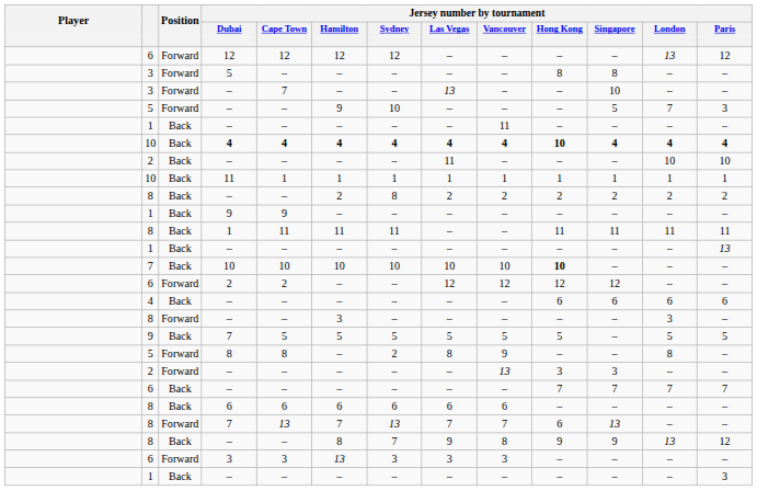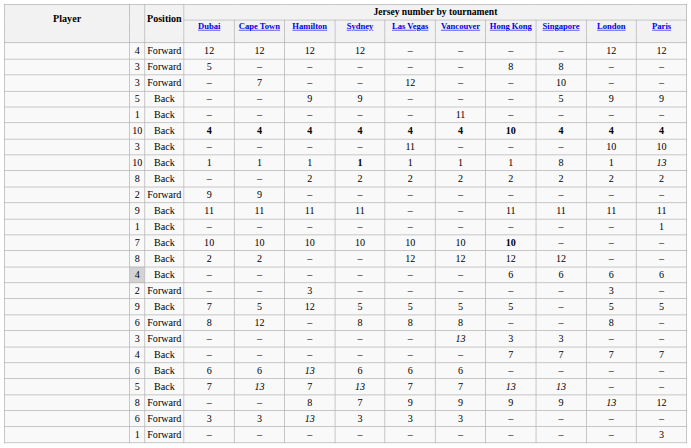 <table class="wikitable sortable" style="text-align:center;">
 <tr>
 <th rowspan=2 style="border-bottom:0px; width:12em;">Player</th>
 <th rowspan=2 style="border-bottom:0px;"></th>
 <th rowspan=2 style="border-bottom:0px;">Position</th>
 <th colspan=10 style="font-size:95%;">Jersey number by tournament</th>
 </tr>
 <tr>
 <th style="vertical-align:top;width:5.5em;border-bottom:1px solid transparent;padding:2px;font-size:85%;"><a href='#'>Dubai</a></th>
 <th style="vertical-align:top;width:5.5em;border-bottom:1px solid transparent;padding:2px;font-size:85%;"><a href='#'>Cape Town</a></th>
 <th style="vertical-align:top;width:5.5em;border-bottom:1px solid transparent;padding:2px;font-size:85%;"><a href='#'>Hamilton</a></th>
 <th style="vertical-align:top;width:5.5em;border-bottom:1px solid transparent;padding:2px;font-size:85%;"><a href='#'>Sydney</a></th>
 <th style="vertical-align:top;width:5.5em;border-bottom:1px solid transparent;padding:2px;font-size:85%;"><a href='#'>Las Vegas</a></th>
 <th style="vertical-align:top;width:5.5em;border-bottom:1px solid transparent;padding:2px;font-size:85%;"><a href='#'>Vancouver</a></th>
 <th style="vertical-align:top;width:5.5em;border-bottom:1px solid transparent;padding:2px;font-size:85%;"><a href='#'>Hong Kong</a></th>
 <th style="vertical-align:top;width:5.5em;border-bottom:1px solid transparent;padding:2px;font-size:85%;"><a href='#'>Singapore</a></th>
 <th style="vertical-align:top;width:5.5em;border-bottom:1px solid transparent;padding:2px;font-size:85%;"><a href='#'>London</a></th>
 <th style="vertical-align:top;width:5.5em;border-bottom:1px solid transparent;padding:2px;font-size:85%;"><a href='#'>Paris</a></th>
 </tr>
 <tr style="line-height:8px;">
 <th style="border-top:1px solid transparent;"></th>
 <th style="border-top:1px solid transparent;"> </th>
 <th style="border-top:1px solid transparent;"> </th>
 <th data-sort-type="number" style="border-top:1px solid transparent;"></th>
 <th data-sort-type="number" style="border-top:1px solid transparent;"></th>
 <th data-sort-type="number" style="border-top:1px solid transparent;"></th>
 <th data-sort-type="number" style="border-top:1px solid transparent;"></th>
 <th data-sort-type="number" style="border-top:1px solid transparent;"></th>
 <th data-sort-type="number" style="border-top:1px solid transparent;"></th>
 <th data-sort-type="number" style="border-top:1px solid transparent;"></th>
 <th data-sort-type="number" style="border-top:1px solid transparent;"></th>
 <th data-sort-type="number" style="border-top:1px solid transparent;"></th>
 <th data-sort-type="number" style="border-top:1px solid transparent;"></th>
 </tr>
 <tr>
 <td align=left></td>
-<td>6</td>
+<td>4</td>
 <td>Forward</td>
 <td>12</td>
 <td>12</td>
 <td>12</td>
 <td>12</td>
 <td>–</td>
 <td>–</td>
 <td>–</td>
 <td>–</td>
-<td><em>13</em></td>
+<td>12</td>
 <td>12</td>
 </tr>
 <tr>
 <td align=left></td>
 <td>3</td>
 <td>Forward</td>
 <td>5</td>
 <td>–</td>
 <td>–</td>
 <td>–</td>
 <td>–</td>
 <td>–</td>
 <td>8</td>
 <td>8</td>
 <td>–</td>
 <td>–</td>
 </tr>
 <tr>
 <td align=left></td>
 <td>3</td>
 <td>Forward</td>
 <td>–</td>
 <td>7</td>
 <td>–</td>
 <td>–</td>
-<td><em>13</em></td>
+<td>12</td>
 <td>–</td>
 <td>–</td>
 <td>10</td>
 <td>–</td>
 <td>–</td>
 </tr>
 <tr>
 <td align=left></td>
 <td>5</td>
-<td>Forward</td>
+<td>Back</td>
 <td>–</td>
 <td>–</td>
 <td>9</td>
-<td>10</td>
+<td>9</td>
 <td>–</td>
 <td>–</td>
 <td>–</td>
 <td>5</td>
-<td>7</td>
-<td>3</td>
+<td>9</td>
+<td>9</td>
 </tr>
 <tr>
 <td align=left></td>
 <td>1</td>
 <td>Back</td>
 <td>–</td>
 <td>–</td>
 <td>–</td>
 <td>–</td>
 <td>–</td>
 <td>11</td>
 <td>–</td>
 <td>–</td>
 <td>–</td>
 <td>–</td>
 </tr>
 <tr>
 <td align=left></td>
 <td>10</td>
 <td>Back</td>
 <td><strong>4</strong></td>
 <td><strong>4</strong></td>
 <td><strong>4</strong></td>
 <td><strong>4</strong></td>
 <td><strong>4</strong></td>
 <td><strong>4</strong></td>
 <td><strong>10</strong></td>
 <td><strong>4</strong></td>
 <td><strong>4</strong></td>
 <td><strong>4</strong></td>
 </tr>
 <tr>
 <td align=left></td>
-<td>2</td>
+<td>3</td>
 <td>Back</td>
 <td>–</td>
 <td>–</td>
 <td>–</td>
 <td>–</td>
 <td>11</td>
 <td>–</td>
 <td>–</td>
 <td>–</td>
 <td>10</td>
 <td>10</td>
 </tr>
 <tr>
 <td align=left></td>
 <td>10</td>
 <td>Back</td>
-<td>11</td>
 <td>1</td>
 <td>1</td>
 <td>1</td>
+<td><strong>1</strong></td>
 <td>1</td>
 <td>1</td>
 <td>1</td>
+<td>8</td>
 <td>1</td>
-<td>1</td>
-<td>1</td>
+<td><em>13</em></td>
 </tr>
 <tr>
 <td align=left></td>
 <td>8</td>
 <td>Back</td>
 <td>–</td>
 <td>–</td>
 <td>2</td>
-<td>8</td>
+<td>2</td>
 <td>2</td>
 <td>2</td>
 <td>2</td>
 <td>2</td>
 <td>2</td>
 <td>2</td>
 </tr>
 <tr>
 <td align=left></td>
-<td>1</td>
-<td>Back</td>
+<td>2</td>
+<td>Forward</td>
 <td>9</td>
 <td>9</td>
 <td>–</td>
 <td>–</td>
 <td>–</td>
 <td>–</td>
 <td>–</td>
 <td>–</td>
 <td>–</td>
 <td>–</td>
 </tr>
 <tr>
 <td align=left></td>
-<td>8</td>
+<td>9</td>
 <td>Back</td>
-<td>1</td>
+<td>11</td>
 <td>11</td>
 <td>11</td>
 <td>11</td>
 <td>–</td>
 <td>–</td>
 <td>11</td>
 <td>11</td>
 <td>11</td>
 <td>11</td>
 </tr>
 <tr>
 <td align=left></td>
 <td>1</td>
 <td>Back</td>
 <td>–</td>
 <td>–</td>
 <td>–</td>
 <td>–</td>
 <td>–</td>
 <td>–</td>
 <td>–</td>
 <td>–</td>
 <td>–</td>
-<td><em>13</em></td>
+<td>1</td>
 </tr>
 <tr>
 <td align=left></td>
 <td>7</td>
 <td>Back</td>
 <td>10</td>
 <td>10</td>
 <td>10</td>
 <td>10</td>
 <td>10</td>
 <td>10</td>
 <td><strong>10</strong></td>
 <td>–</td>
 <td>–</td>
 <td>–</td>
 </tr>
 <tr>
 <td align=left></td>
-<td>6</td>
-<td>Forward</td>
+<td>8</td>
+<td>Back</td>
 <td>2</td>
 <td>2</td>
 <td>–</td>
 <td>–</td>
 <td>12</td>
 <td>12</td>
 <td>12</td>
 <td>12</td>
 <td>–</td>
 <td>–</td>
 </tr>
 <tr>
 <td align=left></td>
-<td>4</td>
+<td style="background: lightgrey;">4</td>
 <td>Back</td>
 <td>–</td>
 <td>–</td>
 <td>–</td>
 <td>–</td>
 <td>–</td>
 <td>–</td>
 <td>6</td>
 <td>6</td>
 <td>6</td>
 <td>6</td>
 </tr>
 <tr>
 <td align=left></td>
-<td>8</td>
+<td>2</td>
 <td>Forward</td>
 <td>–</td>
 <td>–</td>
 <td>3</td>
 <td>–</td>
 <td>–</td>
 <td>–</td>
 <td>–</td>
 <td>–</td>
 <td>3</td>
 <td>–</td>
 </tr>
 <tr>
 <td align=left></td>
 <td>9</td>
 <td>Back</td>
 <td>7</td>
 <td>5</td>
-<td>5</td>
+<td>12</td>
 <td>5</td>
 <td>5</td>
 <td>5</td>
 <td>5</td>
 <td>–</td>
 <td>5</td>
 <td>5</td>
 </tr>
 <tr>
 <td align=left></td>
-<td>5</td>
+<td>6</td>
 <td>Forward</td>
 <td>8</td>
+<td>12</td>
+<td>–</td>
 <td>8</td>
-<td>–</td>
-<td>2</td>
 <td>8</td>
-<td>9</td>
+<td>8</td>
 <td>–</td>
 <td>–</td>
 <td>8</td>
 <td>–</td>
 </tr>
 <tr>
 <td align=left></td>
-<td>2</td>
+<td>3</td>
 <td>Forward</td>
 <td>–</td>
 <td>–</td>
 <td>–</td>
 <td>–</td>
 <td>–</td>
 <td><em>13</em></td>
 <td>3</td>
 <td>3</td>
 <td>–</td>
 <td>–</td>
 </tr>
 <tr>
 <td align=left></td>
-<td>6</td>
+<td>4</td>
 <td>Back</td>
 <td>–</td>
 <td>–</td>
 <td>–</td>
 <td>–</td>
 <td>–</td>
 <td>–</td>
 <td>7</td>
 <td>7</td>
 <td>7</td>
 <td>7</td>
 </tr>
 <tr>
 <td align=left></td>
-<td>8</td>
+<td>6</td>
 <td>Back</td>
 <td>6</td>
 <td>6</td>
-<td>6</td>
+<td><em>13</em></td>
 <td>6</td>
 <td>6</td>
 <td>6</td>
 <td>–</td>
 <td>–</td>
 <td>–</td>
 <td>–</td>
 </tr>
 <tr>
 <td align=left></td>
-<td>8</td>
-<td>Forward</td>
+<td>5</td>
+<td>Back</td>
 <td>7</td>
 <td><em>13</em></td>
 <td>7</td>
 <td><em>13</em></td>
 <td>7</td>
 <td>7</td>
-<td>6</td>
+<td><em>13</em></td>
 <td><em>13</em></td>
 <td>–</td>
 <td>–</td>
 </tr>
 <tr>
 <td align=left></td>
 <td>8</td>
-<td>Back</td>
+<td>Forward</td>
 <td>–</td>
 <td>–</td>
 <td>8</td>
 <td>7</td>
 <td>9</td>
-<td>8</td>
+<td>9</td>
 <td>9</td>
 <td>9</td>
 <td><em>13</em></td>
 <td>12</td>
 </tr>
 <tr>
 <td align=left></td>
 <td>6</td>
 <td>Forward</td>
 <td>3</td>
 <td>3</td>
 <td><em>13</em></td>
 <td>3</td>
 <td>3</td>
 <td>3</td>
 <td>–</td>
 <td>–</td>
 <td>–</td>
 <td>–</td>
 </tr>
 <tr>
 <td align=left></td>
 <td>1</td>
-<td>Back</td>
+<td>Forward</td>
 <td>–</td>
 <td>–</td>
 <td>–</td>
 <td>–</td>
 <td>–</td>
 <td>–</td>
 <td>–</td>
 <td>–</td>
 <td>–</td>
 <td>3</td>
 </tr>
 </table>
